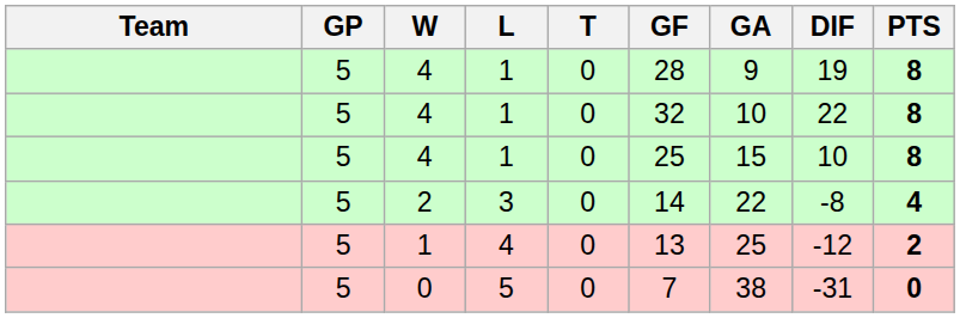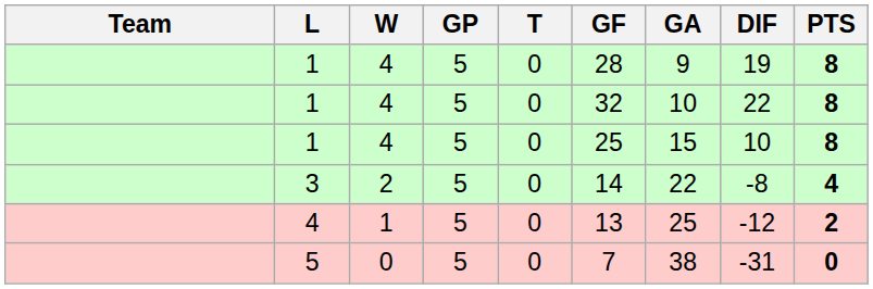 <table class="wikitable" style="text-align:center;">
 <tr>
 <th width=165>Team</th>
+<th width=40>L</th>
+<th width=40>W</th>
 <th width=40>GP</th>
-<th width=40>W</th>
-<th width=40>L</th>
 <th width=40>T</th>
 <th width=40>GF</th>
 <th width=40>GA</th>
 <th width=40>DIF</th>
 <th width=40>PTS</th>
 </tr>
 <tr style="background:#ccffcc;">
 <td align=left></td>
+<td>1</td>
+<td>4</td>
 <td>5</td>
-<td>4</td>
-<td>1</td>
 <td>0</td>
 <td>28</td>
 <td>9</td>
 <td>19</td>
 <td><strong>8</strong></td>
 </tr>
 <tr style="background:#ccffcc;">
 <td align=left></td>
+<td>1</td>
+<td>4</td>
 <td>5</td>
-<td>4</td>
-<td>1</td>
 <td>0</td>
 <td>32</td>
 <td>10</td>
 <td>22</td>
 <td><strong>8</strong></td>
 </tr>
 <tr style="background:#ccffcc;">
 <td align=left></td>
+<td>1</td>
+<td>4</td>
 <td>5</td>
-<td>4</td>
-<td>1</td>
 <td>0</td>
 <td>25</td>
 <td>15</td>
 <td>10</td>
 <td><strong>8</strong></td>
 </tr>
 <tr style="background:#ccffcc;">
 <td align=left></td>
+<td>3</td>
+<td>2</td>
 <td>5</td>
-<td>2</td>
-<td>3</td>
 <td>0</td>
 <td>14</td>
 <td>22</td>
 <td>-8</td>
 <td><strong>4</strong></td>
 </tr>
 <tr style="background:#ffcccc;">
 <td align=left></td>
+<td>4</td>
+<td>1</td>
 <td>5</td>
-<td>1</td>
-<td>4</td>
 <td>0</td>
 <td>13</td>
 <td>25</td>
 <td>-12</td>
 <td><strong>2</strong></td>
 </tr>
 <tr style="background:#ffcccc;">
 <td align=left></td>
 <td>5</td>
 <td>0</td>
 <td>5</td>
 <td>0</td>
 <td>7</td>
 <td>38</td>
 <td>-31</td>
 <td><strong>0</strong></td>
 </tr>
 </table>
